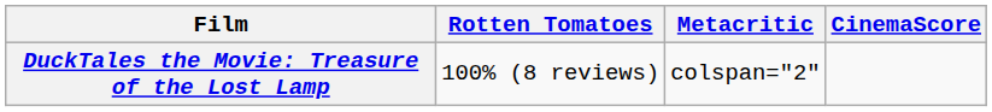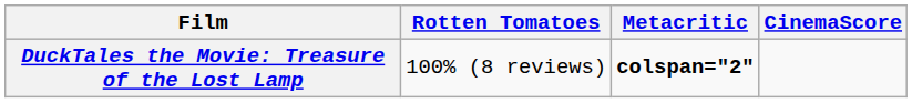 <table class="sortable wikitable plainrowheaders" style="text-align: center;">
 <tr>
 <th style="width:240px;">Film</th>
 <th data-sort-type="number"><a href='#'>Rotten Tomatoes</a></th>
 <th data-sort-type="number"><a href='#'>Metacritic</a></th>
 <th><a href='#'>CinemaScore</a></th>
 </tr>
 <tr>
 <th scope="row"><em><a href='#'>DuckTales the Movie: Treasure of the Lost Lamp</a></em></th>
 <td>100% (8 reviews)</td>
-<td>colspan="2" </td>
+<td><strong>colspan="2" </strong></td>
 </tr>
 </table>
